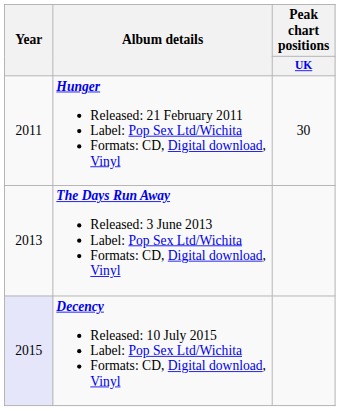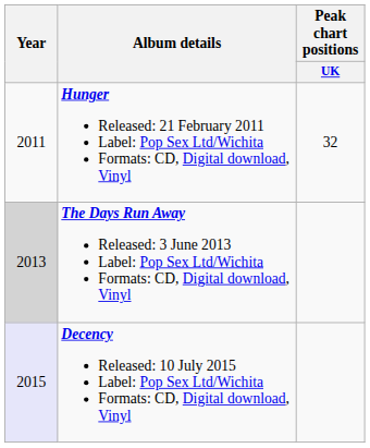 <table class="wikitable" style="text-align:center;">
 <tr>
 <th rowspan="2" width="50">Year</th>
 <th style="width:250px;" rowspan="2">Album details</th>
 <th>Peak chart positions</th>
 </tr>
 <tr>
 <th style="width:5em;font-size:85%"><a href='#'>UK</a></th>
 </tr>
 <tr>
 <td>2011</td>
 <td style="text-align:left;"><strong><em><a href='#'>Hunger</a></em></strong><br><ul><li>Released: 21 February 2011</li><li>Label: <a href='#'>Pop Sex Ltd/Wichita</a></li><li>Formats: CD, <a href='#'>Digital download</a>, <a href='#'>Vinyl</a></li></ul></td>
-<td>30</td>
+<td>32</td>
 </tr>
 <tr>
-<td>2013</td>
+<td style="background: lightgrey;">2013</td>
 <td style="text-align:left;"><strong><em><a href='#'>The Days Run Away</a></em></strong><br><ul><li>Released: 3 June 2013</li><li>Label: <a href='#'>Pop Sex Ltd/Wichita</a></li><li>Formats: CD, <a href='#'>Digital download</a>, <a href='#'>Vinyl</a></li></ul></td>
 <td></td>
 </tr>
 <tr>
 <td style="background: lavender;">2015</td>
 <td style="text-align:left;"><strong><em><a href='#'>Decency</a></em></strong><br><ul><li>Released: 10 July 2015</li><li>Label: <a href='#'>Pop Sex Ltd/Wichita</a></li><li>Formats: CD, <a href='#'>Digital download</a>, <a href='#'>Vinyl</a></li></ul></td>
 <td></td>
 </tr>
 </table>
